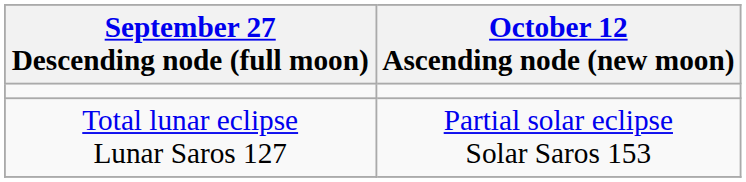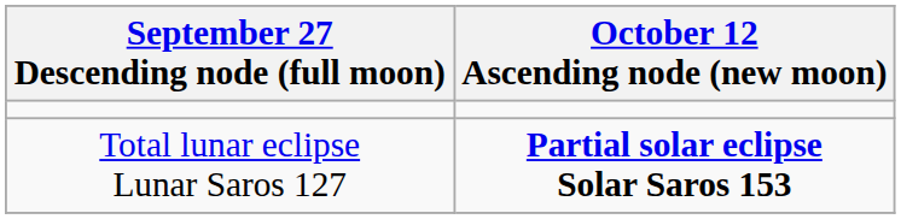 <table class="wikitable">
 <tr>
 <th><a href='#'>September 27</a><br>Descending node (full moon)<br></th>
 <th><a href='#'>October 12</a><br>Ascending node (new moon)<br></th>
 </tr>
 <tr>
 <td></td>
 <td></td>
 </tr>
 <tr align=center>
 <td><a href='#'>Total lunar eclipse</a><br>Lunar Saros 127</td>
-<td><a href='#'>Partial solar eclipse</a><br>Solar Saros 153</td>
+<td><strong><a href='#'>Partial solar eclipse</a><br>Solar Saros 153</strong></td>
 </tr>
 </table>
